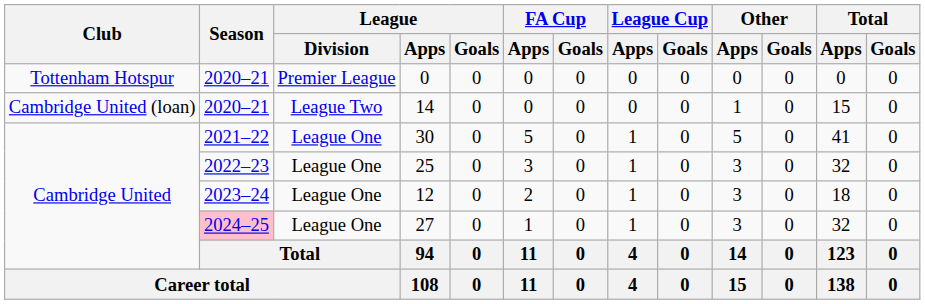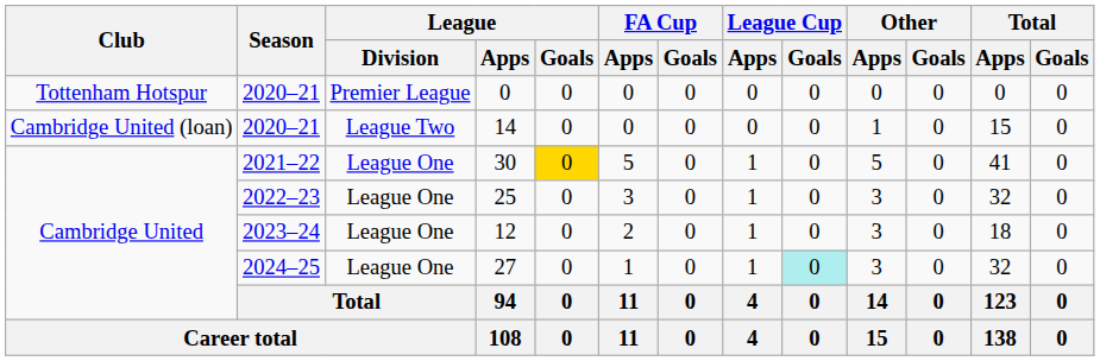 <table class=wikitable style="text-align:center">
 <tr>
 <th rowspan=2>Club</th>
 <th rowspan=2>Season</th>
 <th colspan=3>League</th>
 <th colspan=2><a href='#'>FA Cup</a></th>
 <th colspan=2><a href='#'>League Cup</a></th>
 <th colspan=2>Other</th>
 <th colspan=2>Total</th>
 </tr>
 <tr>
 <th>Division</th>
 <th>Apps</th>
 <th>Goals</th>
 <th>Apps</th>
 <th>Goals</th>
 <th>Apps</th>
 <th>Goals</th>
 <th>Apps</th>
 <th>Goals</th>
 <th>Apps</th>
 <th>Goals</th>
 </tr>
 <tr>
 <td><a href='#'>Tottenham Hotspur</a></td>
 <td><a href='#'>2020–21</a></td>
 <td><a href='#'>Premier League</a></td>
 <td>0</td>
 <td>0</td>
 <td>0</td>
 <td>0</td>
 <td>0</td>
 <td>0</td>
 <td>0</td>
 <td>0</td>
 <td>0</td>
 <td>0</td>
 </tr>
 <tr>
 <td><a href='#'>Cambridge United</a> (loan)</td>
 <td><a href='#'>2020–21</a></td>
 <td><a href='#'>League Two</a></td>
 <td>14</td>
 <td>0</td>
 <td>0</td>
 <td>0</td>
 <td>0</td>
 <td>0</td>
 <td>1</td>
 <td>0</td>
 <td>15</td>
 <td>0</td>
 </tr>
 <tr>
 <td rowspan="5"><a href='#'>Cambridge United</a></td>
 <td><a href='#'>2021–22</a></td>
 <td><a href='#'>League One</a></td>
 <td>30</td>
-<td>0</td>
+<td style="background: gold;">0</td>
 <td>5</td>
 <td>0</td>
 <td>1</td>
 <td>0</td>
 <td>5</td>
 <td>0</td>
 <td>41</td>
 <td>0</td>
 </tr>
 <tr>
 <td><a href='#'>2022–23</a></td>
 <td>League One</td>
 <td>25</td>
 <td>0</td>
 <td>3</td>
 <td>0</td>
 <td>1</td>
 <td>0</td>
 <td>3</td>
 <td>0</td>
 <td>32</td>
 <td>0</td>
 </tr>
 <tr>
 <td><a href='#'>2023–24</a></td>
 <td>League One</td>
 <td>12</td>
 <td>0</td>
 <td>2</td>
 <td>0</td>
 <td>1</td>
 <td>0</td>
 <td>3</td>
 <td>0</td>
 <td>18</td>
 <td>0</td>
 </tr>
 <tr>
-<td style="background: pink;"><a href='#'>2024–25</a></td>
+<td><a href='#'>2024–25</a></td>
 <td>League One</td>
 <td>27</td>
 <td>0</td>
 <td>1</td>
 <td>0</td>
 <td>1</td>
-<td>0</td>
+<td style="background: paleturquoise;">0</td>
 <td>3</td>
 <td>0</td>
 <td>32</td>
 <td>0</td>
 </tr>
 <tr>
 <th colspan=2>Total</th>
 <th>94</th>
 <th>0</th>
 <th>11</th>
 <th>0</th>
 <th>4</th>
 <th>0</th>
 <th>14</th>
 <th>0</th>
 <th>123</th>
 <th>0</th>
 </tr>
 <tr>
 <th colspan=3>Career total</th>
 <th>108</th>
 <th>0</th>
 <th>11</th>
 <th>0</th>
 <th>4</th>
 <th>0</th>
 <th>15</th>
 <th>0</th>
 <th>138</th>
 <th>0</th>
 </tr>
 </table>
